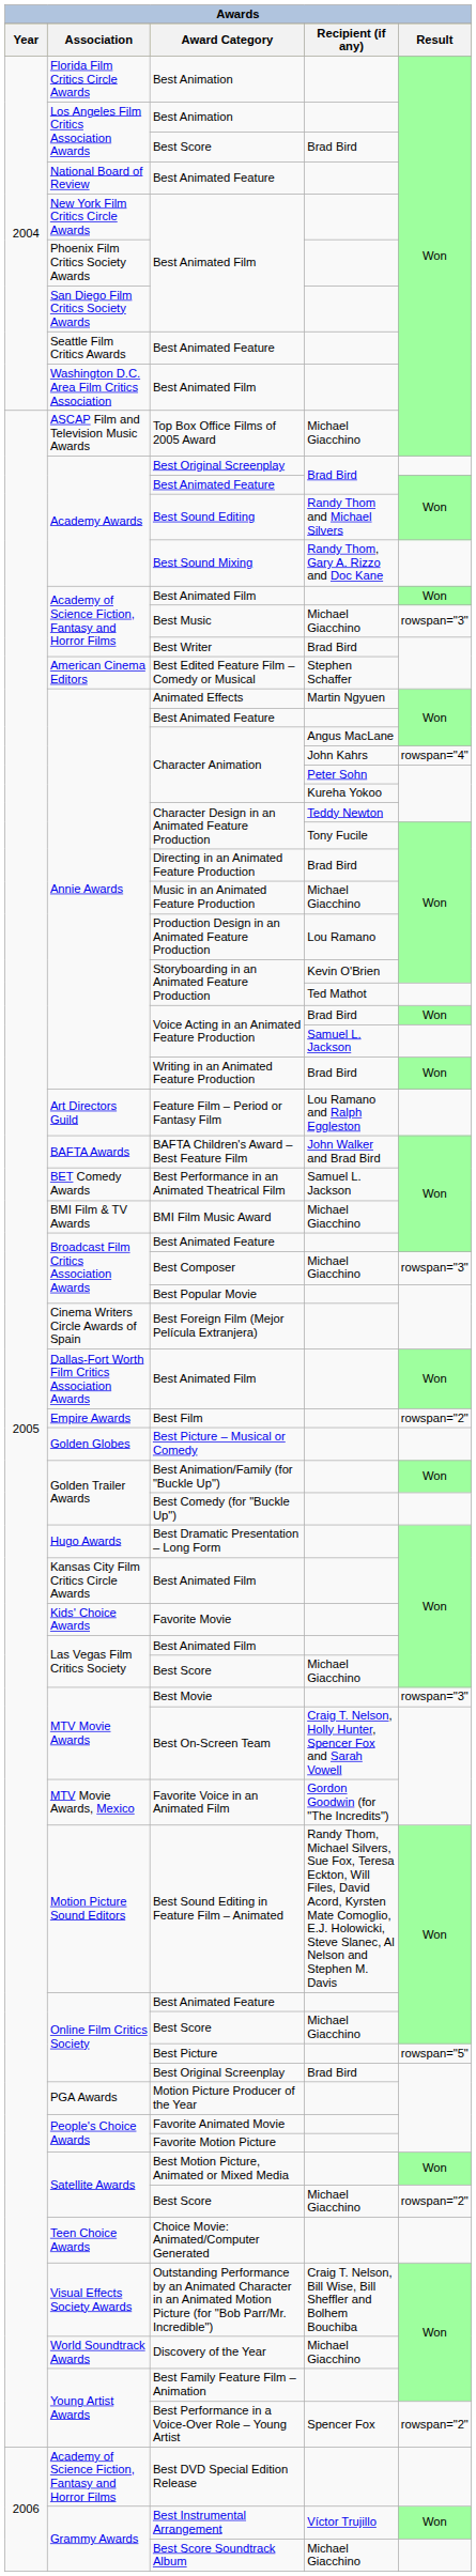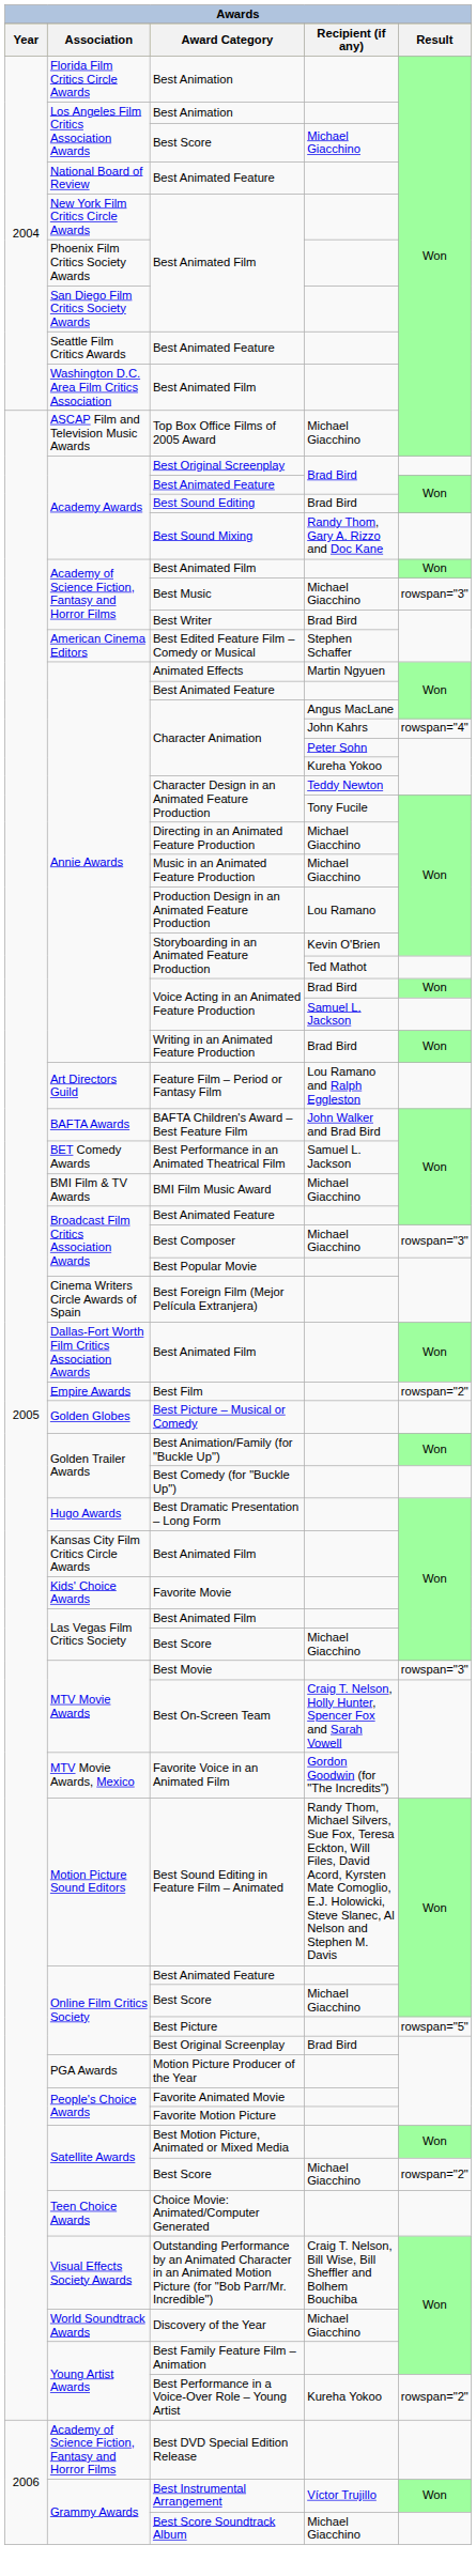 <table class="wikitable sortable" style="width:100%;">
 <tr style="background:#ccc; text-align:center;">
 <th colspan="5" style="background: LightSteelBlue;">Awards</th>
 </tr>
 <tr style="background:#ccc; text-align:center;">
 </tr>
 <tr ---- bgcolor="#BRBG16">
 <th width="075"><strong>Year</strong></th>
 <th width="200"><strong>Association</strong></th>
 <th width="300"><strong>Award Category</strong></th>
 <th width="200"><strong>Recipient (if any)</strong></th>
 <th width="80"><strong>Result</strong></th>
 </tr>
 <tr>
 <td rowspan="9" style="text-align:center;">2004</td>
 <td><a href='#'>Florida Film Critics Circle Awards</a></td>
 <td>Best Animation</td>
 <td></td>
 <td rowspan="10" style="background:#9EFF9E;color:#000;vertical-align:middle;text-align:center;" class="yes table-yes2 notheme">Won</td>
 </tr>
 <tr>
 <td rowspan="2"><a href='#'>Los Angeles Film Critics Association Awards</a></td>
 <td>Best Animation</td>
 <td></td>
 </tr>
 <tr>
 <td>Best Score</td>
-<td>Brad Bird</td>
+<td><a href='#'>Michael Giacchino</a></td>
 </tr>
 <tr>
 <td><a href='#'>National Board of Review</a></td>
 <td>Best Animated Feature</td>
 <td></td>
 </tr>
 <tr>
 <td><a href='#'>New York Film Critics Circle Awards</a></td>
 <td rowspan=3>Best Animated Film</td>
 <td></td>
 </tr>
 <tr>
 <td>Phoenix Film Critics Society Awards</td>
 <td></td>
 </tr>
 <tr>
 <td><a href='#'>San Diego Film Critics Society Awards</a></td>
 <td></td>
 </tr>
 <tr>
 <td>Seattle Film Critics Awards</td>
 <td>Best Animated Feature</td>
 <td></td>
 </tr>
 <tr>
 <td><a href='#'>Washington D.C. Area Film Critics Association</a></td>
 <td>Best Animated Film</td>
 <td></td>
 </tr>
 <tr>
 <td rowspan="61" style="text-align:center;">2005</td>
 <td><a href='#'>ASCAP</a> Film and Television Music Awards</td>
 <td>Top Box Office Films of 2005 Award</td>
 <td>Michael Giacchino</td>
 </tr>
 <tr>
 <td rowspan="4"><a href='#'>Academy Awards</a></td>
 <td><a href='#'>Best Original Screenplay</a></td>
 <td rowspan="2"><a href='#'>Brad Bird</a></td>
 <td></td>
 </tr>
 <tr>
 <td><a href='#'>Best Animated Feature</a></td>
 <td rowspan="2" style="background:#9EFF9E;color:#000;vertical-align:middle;text-align:center;" class="yes table-yes2 notheme">Won</td>
 </tr>
 <tr>
 <td><a href='#'>Best Sound Editing</a></td>
-<td><a href='#'>Randy Thom</a> and <a href='#'>Michael Silvers</a></td>
+<td>Brad Bird</td>
 </tr>
 <tr>
 <td><a href='#'>Best Sound Mixing</a></td>
 <td><a href='#'>Randy Thom</a>, <a href='#'>Gary A. Rizzo</a> and <a href='#'>Doc Kane</a></td>
 <td></td>
 </tr>
 <tr>
 <td rowspan="3"><a href='#'>Academy of Science Fiction, Fantasy and Horror Films</a></td>
 <td>Best Animated Film</td>
 <td></td>
 <td style="background:#9EFF9E;color:#000;vertical-align:middle;text-align:center;" class="yes table-yes2 notheme">Won</td>
 </tr>
 <tr>
 <td>Best Music</td>
 <td>Michael Giacchino</td>
 <td>rowspan="3" </td>
 </tr>
 <tr>
 <td>Best Writer</td>
 <td>Brad Bird</td>
 </tr>
 <tr>
 <td><a href='#'>American Cinema Editors</a></td>
 <td>Best Edited Feature Film – Comedy or Musical</td>
 <td>Stephen Schaffer</td>
 </tr>
 <tr>
 <td rowspan="16"><a href='#'>Annie Awards</a></td>
 <td>Animated Effects</td>
 <td>Martin Ngyuen</td>
 <td rowspan="3" style="background:#9EFF9E;color:#000;vertical-align:middle;text-align:center;" class="yes table-yes2 notheme">Won</td>
 </tr>
 <tr>
 <td>Best Animated Feature</td>
 <td></td>
 </tr>
 <tr>
 <td rowspan=4>Character Animation</td>
 <td>Angus MacLane</td>
 </tr>
 <tr>
 <td>John Kahrs</td>
 <td>rowspan="4" </td>
 </tr>
 <tr>
 <td><a href='#'>Peter Sohn</a></td>
 </tr>
 <tr>
 <td>Kureha Yokoo</td>
 </tr>
 <tr>
 <td rowspan=2>Character Design in an Animated Feature Production</td>
 <td><a href='#'>Teddy Newton</a></td>
 </tr>
 <tr>
 <td>Tony Fucile</td>
 <td rowspan="5" style="background:#9EFF9E;color:#000;vertical-align:middle;text-align:center;" class="yes table-yes2 notheme">Won</td>
 </tr>
 <tr>
 <td>Directing in an Animated Feature Production</td>
-<td>Brad Bird</td>
+<td>Michael Giacchino</td>
 </tr>
 <tr>
 <td>Music in an Animated Feature Production</td>
 <td>Michael Giacchino</td>
 </tr>
 <tr>
 <td>Production Design in an Animated Feature Production</td>
 <td>Lou Ramano</td>
 </tr>
 <tr>
 <td rowspan="2">Storyboarding in an Animated Feature Production</td>
 <td>Kevin O'Brien</td>
 </tr>
 <tr>
 <td>Ted Mathot</td>
 <td></td>
 </tr>
 <tr>
 <td rowspan=2>Voice Acting in an Animated Feature Production</td>
 <td>Brad Bird</td>
 <td style="background:#9EFF9E;color:#000;vertical-align:middle;text-align:center;" class="yes table-yes2 notheme">Won</td>
 </tr>
 <tr>
 <td><a href='#'>Samuel L. Jackson</a></td>
 <td></td>
 </tr>
 <tr>
 <td>Writing in an Animated Feature Production</td>
 <td>Brad Bird</td>
 <td style="background:#9EFF9E;color:#000;vertical-align:middle;text-align:center;" class="yes table-yes2 notheme">Won</td>
 </tr>
 <tr>
 <td><a href='#'>Art Directors Guild</a></td>
 <td>Feature Film – Period or Fantasy Film</td>
 <td>Lou Ramano and <a href='#'>Ralph Eggleston</a></td>
 <td></td>
 </tr>
 <tr>
 <td><a href='#'>BAFTA Awards</a></td>
 <td>BAFTA Children's Award – Best Feature Film</td>
 <td><a href='#'>John Walker</a> and Brad Bird</td>
 <td rowspan="4" style="background:#9EFF9E;color:#000;vertical-align:middle;text-align:center;" class="yes table-yes2 notheme">Won</td>
 </tr>
 <tr>
 <td><a href='#'>BET</a> Comedy Awards</td>
 <td>Best Performance in an Animated Theatrical Film</td>
 <td>Samuel L. Jackson</td>
 </tr>
 <tr>
 <td>BMI Film & TV Awards</td>
 <td>BMI Film Music Award</td>
 <td>Michael Giacchino</td>
 </tr>
 <tr>
 <td rowspan="3"><a href='#'>Broadcast Film Critics Association Awards</a></td>
 <td>Best Animated Feature</td>
 <td></td>
 </tr>
 <tr>
 <td>Best Composer</td>
 <td>Michael Giacchino</td>
 <td>rowspan="3" </td>
 </tr>
 <tr>
 <td>Best Popular Movie</td>
 <td></td>
 </tr>
 <tr>
 <td>Cinema Writers Circle Awards of Spain</td>
 <td>Best Foreign Film (Mejor Película Extranjera)</td>
 <td></td>
 </tr>
 <tr>
 <td><a href='#'>Dallas-Fort Worth Film Critics Association Awards</a></td>
 <td>Best Animated Film</td>
 <td></td>
 <td style="background:#9EFF9E;color:#000;vertical-align:middle;text-align:center;" class="yes table-yes2 notheme">Won</td>
 </tr>
 <tr>
 <td><a href='#'>Empire Awards</a></td>
 <td>Best Film</td>
 <td></td>
 <td>rowspan="2" </td>
 </tr>
 <tr>
 <td><a href='#'>Golden Globes</a></td>
 <td><a href='#'>Best Picture – Musical or Comedy</a></td>
 <td></td>
 </tr>
 <tr>
 <td rowspan="2">Golden Trailer Awards</td>
 <td>Best Animation/Family (for "Buckle Up")</td>
 <td></td>
 <td style="background:#9EFF9E;color:#000;vertical-align:middle;text-align:center;" class="yes table-yes2 notheme">Won</td>
 </tr>
 <tr>
 <td>Best Comedy (for "Buckle Up")</td>
 <td></td>
 <td></td>
 </tr>
 <tr>
 <td><a href='#'>Hugo Awards</a></td>
 <td>Best Dramatic Presentation – Long Form</td>
 <td></td>
 <td rowspan="5" style="background:#9EFF9E;color:#000;vertical-align:middle;text-align:center;" class="yes table-yes2 notheme">Won</td>
 </tr>
 <tr>
 <td>Kansas City Film Critics Circle Awards</td>
 <td>Best Animated Film</td>
 <td></td>
 </tr>
 <tr>
 <td><a href='#'>Kids' Choice Awards</a></td>
 <td>Favorite Movie</td>
 <td></td>
 </tr>
 <tr>
 <td rowspan=2>Las Vegas Film Critics Society</td>
 <td>Best Animated Film</td>
 <td></td>
 </tr>
 <tr>
 <td>Best Score</td>
 <td>Michael Giacchino</td>
 </tr>
 <tr>
 <td rowspan="2"><a href='#'>MTV Movie Awards</a></td>
 <td>Best Movie</td>
 <td></td>
 <td>rowspan="3" </td>
 </tr>
 <tr>
 <td>Best On-Screen Team</td>
 <td><a href='#'>Craig T. Nelson</a>, <a href='#'>Holly Hunter</a>, <a href='#'>Spencer Fox</a> and <a href='#'>Sarah Vowell</a></td>
 </tr>
 <tr>
 <td><a href='#'>MTV</a> Movie Awards, <a href='#'>Mexico</a></td>
 <td>Favorite Voice in an Animated Film</td>
 <td><a href='#'>Gordon Goodwin</a> (for "The Incredits")</td>
 </tr>
 <tr>
 <td><a href='#'>Motion Picture Sound Editors</a></td>
 <td>Best Sound Editing in Feature Film – Animated</td>
 <td>Randy Thom, Michael Silvers, Sue Fox, Teresa Eckton, Will Files, David Acord, Kyrsten Mate Comoglio, E.J. Holowicki, Steve Slanec, Al Nelson and Stephen M. Davis</td>
 <td rowspan="3" style="background:#9EFF9E;color:#000;vertical-align:middle;text-align:center;" class="yes table-yes2 notheme">Won</td>
 </tr>
 <tr>
 <td rowspan="4"><a href='#'>Online Film Critics Society</a></td>
 <td>Best Animated Feature</td>
 <td></td>
 </tr>
 <tr>
 <td>Best Score</td>
 <td>Michael Giacchino</td>
 </tr>
 <tr>
 <td>Best Picture</td>
 <td></td>
 <td>rowspan="5" </td>
 </tr>
 <tr>
 <td>Best Original Screenplay</td>
 <td>Brad Bird</td>
 </tr>
 <tr>
 <td>PGA Awards</td>
 <td>Motion Picture Producer of the Year</td>
 <td></td>
 </tr>
 <tr>
 <td rowspan="2"><a href='#'>People's Choice Awards</a></td>
 <td>Favorite Animated Movie</td>
 <td></td>
 </tr>
 <tr>
 <td>Favorite Motion Picture</td>
 <td></td>
 </tr>
 <tr>
 <td rowspan="2"><a href='#'>Satellite Awards</a></td>
 <td>Best Motion Picture, Animated or Mixed Media</td>
 <td></td>
 <td style="background:#9EFF9E;color:#000;vertical-align:middle;text-align:center;" class="yes table-yes2 notheme">Won</td>
 </tr>
 <tr>
 <td>Best Score</td>
 <td>Michael Giacchino</td>
 <td>rowspan="2" </td>
 </tr>
 <tr>
 <td><a href='#'>Teen Choice Awards</a></td>
 <td>Choice Movie: Animated/Computer Generated</td>
 <td></td>
 </tr>
 <tr>
 <td><a href='#'>Visual Effects Society Awards</a></td>
 <td>Outstanding Performance by an Animated Character in an Animated Motion Picture (for "Bob Parr/Mr. Incredible")</td>
 <td>Craig T. Nelson, Bill Wise, Bill Sheffler and Bolhem Bouchiba</td>
 <td rowspan="3" style="background:#9EFF9E;color:#000;vertical-align:middle;text-align:center;" class="yes table-yes2 notheme">Won</td>
 </tr>
 <tr>
 <td><a href='#'>World Soundtrack Awards</a></td>
 <td>Discovery of the Year</td>
 <td>Michael Giacchino</td>
 </tr>
 <tr>
 <td rowspan="2"><a href='#'>Young Artist Awards</a></td>
 <td>Best Family Feature Film – Animation</td>
 <td></td>
 </tr>
 <tr>
 <td>Best Performance in a Voice-Over Role – Young Artist</td>
-<td>Spencer Fox</td>
+<td>Kureha Yokoo</td>
 <td>rowspan="2" </td>
 </tr>
 <tr>
 <td rowspan="3" style="text-align:center;">2006</td>
 <td><a href='#'>Academy of Science Fiction, Fantasy and Horror Films</a></td>
 <td>Best DVD Special Edition Release</td>
 <td></td>
 </tr>
 <tr>
 <td rowspan="2"><a href='#'>Grammy Awards</a></td>
 <td><a href='#'>Best Instrumental Arrangement</a></td>
 <td><a href='#'>Víctor Trujillo</a></td>
 <td style="background:#9EFF9E;color:#000;vertical-align:middle;text-align:center;" class="yes table-yes2 notheme">Won</td>
 </tr>
 <tr>
 <td><a href='#'>Best Score Soundtrack Album</a></td>
 <td>Michael Giacchino</td>
 <td></td>
 </tr>
 </table>
